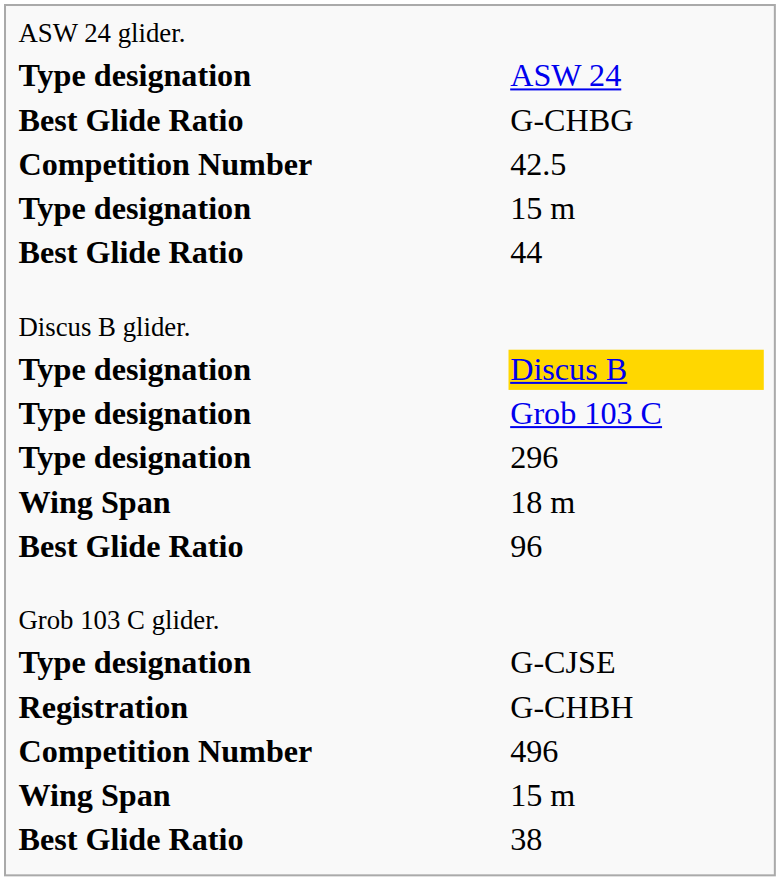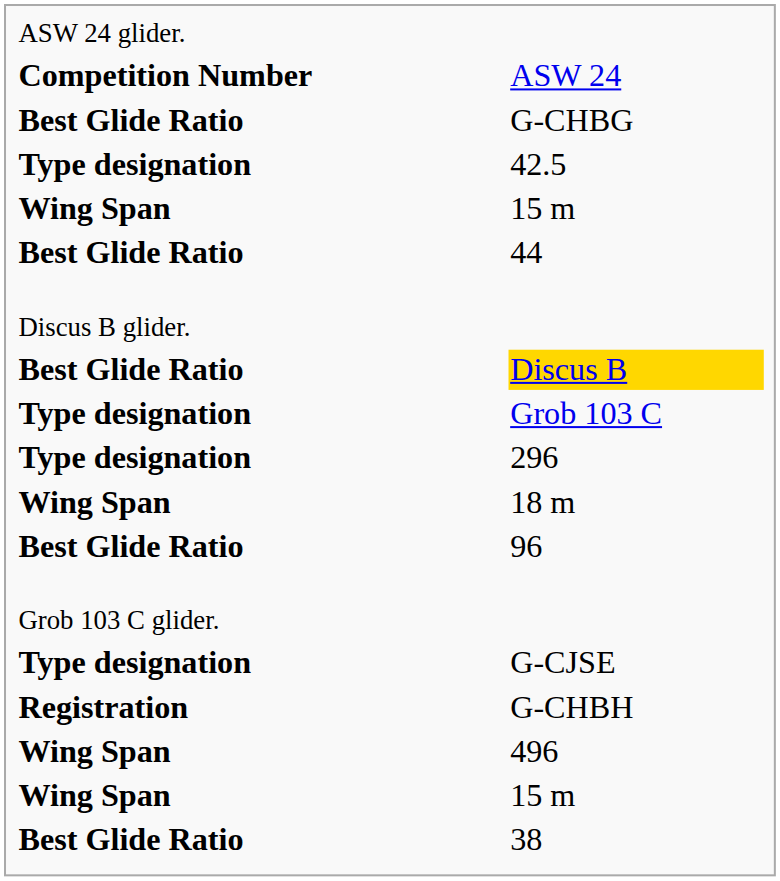 <table class="infobox" style="width: 24em;">
 <tr>
 <td colspan="2" style="text-align:left;font-size:smaller;">ASW 24 glider.</td>
 </tr>
 <tr>
-<td><strong>Type designation</strong></td>
+<td><strong>Competition Number</strong></td>
 <td><a href='#'>ASW 24</a></td>
 </tr>
 <tr>
 <td><strong>Best Glide Ratio</strong></td>
 <td>G-CHBG</td>
 </tr>
 <tr>
-<td><strong>Competition Number</strong></td>
+<td><strong>Type designation</strong></td>
 <td>42.5</td>
 </tr>
 <tr>
-<td><strong>Type designation</strong></td>
+<td><strong>Wing Span</strong></td>
 <td>15 m</td>
 </tr>
 <tr>
 <td><strong>Best Glide Ratio</strong></td>
 <td>44</td>
 </tr>
 <tr>
 <td colspan="2" style="text-align:left;font-size:smaller;"><br>Discus B glider.</td>
 </tr>
 <tr>
-<td><strong>Type designation</strong></td>
+<td><strong>Best Glide Ratio</strong></td>
 <td style="background: gold;"><a href='#'>Discus B</a></td>
 </tr>
 <tr>
 <td><strong>Type designation</strong></td>
 <td><a href='#'>Grob 103 C</a></td>
 </tr>
 <tr>
 <td><strong>Type designation</strong></td>
 <td>296</td>
 </tr>
 <tr>
 <td><strong>Wing Span</strong></td>
 <td>18 m</td>
 </tr>
 <tr>
 <td><strong>Best Glide Ratio</strong></td>
 <td>96</td>
 </tr>
 <tr>
 <td colspan="2" style="text-align:left;font-size:smaller;"><br>Grob 103 C glider.</td>
 </tr>
 <tr>
 <td><strong>Type designation</strong></td>
 <td>G-CJSE</td>
 </tr>
 <tr>
 <td><strong>Registration</strong></td>
 <td>G-CHBH</td>
 </tr>
 <tr>
-<td><strong>Competition Number</strong></td>
+<td><strong>Wing Span</strong></td>
 <td>496</td>
 </tr>
 <tr>
 <td><strong>Wing Span</strong></td>
 <td>15 m</td>
 </tr>
 <tr>
 <td><strong>Best Glide Ratio</strong></td>
 <td>38</td>
 </tr>
 <tr>
 </tr>
 </table>
